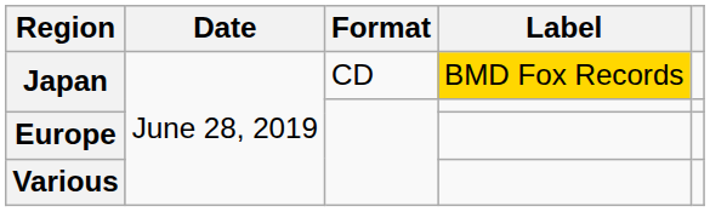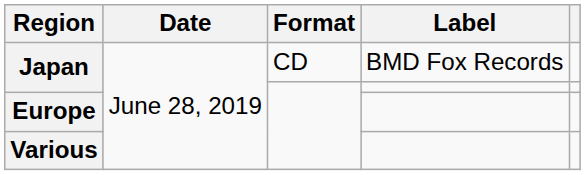 <table class="wikitable plainrowheaders">
 <tr>
 <th scope="col">Region</th>
 <th scope="col">Date</th>
 <th scope="col">Format</th>
 <th scope="col">Label</th>
 <th scope="col"></th>
 </tr>
 <tr>
 <th scope="row" rowspan="2">Japan</th>
 <td rowspan="4">June 28, 2019</td>
 <td>CD</td>
-<td style="background: gold;">BMD Fox Records</td>
+<td>BMD Fox Records</td>
 <td></td>
 </tr>
 <tr>
 <td rowspan="3"></td>
 <td></td>
 <td></td>
 </tr>
 <tr>
 <th scope="row">Europe</th>
 <td></td>
 <td></td>
 </tr>
 <tr>
 <th scope="row">Various</th>
 <td></td>
 <td></td>
 </tr>
 </table>
